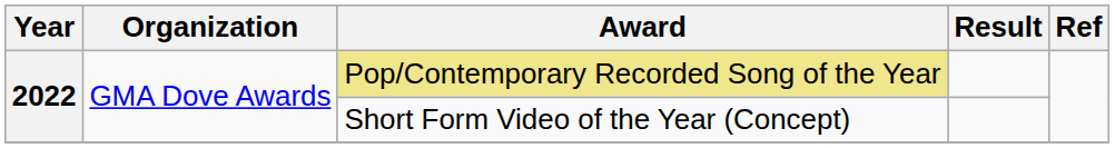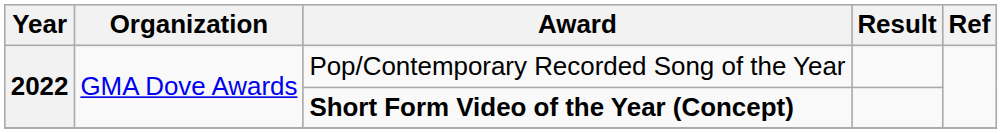 <table class="wikitable plainrowheaders">
 <tr>
 <th>Year</th>
 <th>Organization</th>
 <th>Award</th>
 <th>Result</th>
 <th>Ref</th>
 </tr>
 <tr>
 <th scope="row" rowspan="2">2022</th>
 <td rowspan="2"><a href='#'>GMA Dove Awards</a></td>
-<td style="background: khaki;">Pop/Contemporary Recorded Song of the Year</td>
+<td>Pop/Contemporary Recorded Song of the Year</td>
 <td></td>
 <td rowspan="2"></td>
 </tr>
 <tr>
-<td>Short Form Video of the Year (Concept)</td>
+<td><strong>Short Form Video of the Year (Concept)</strong></td>
 <td></td>
 </tr>
 <tr>
 </tr>
 </table>
